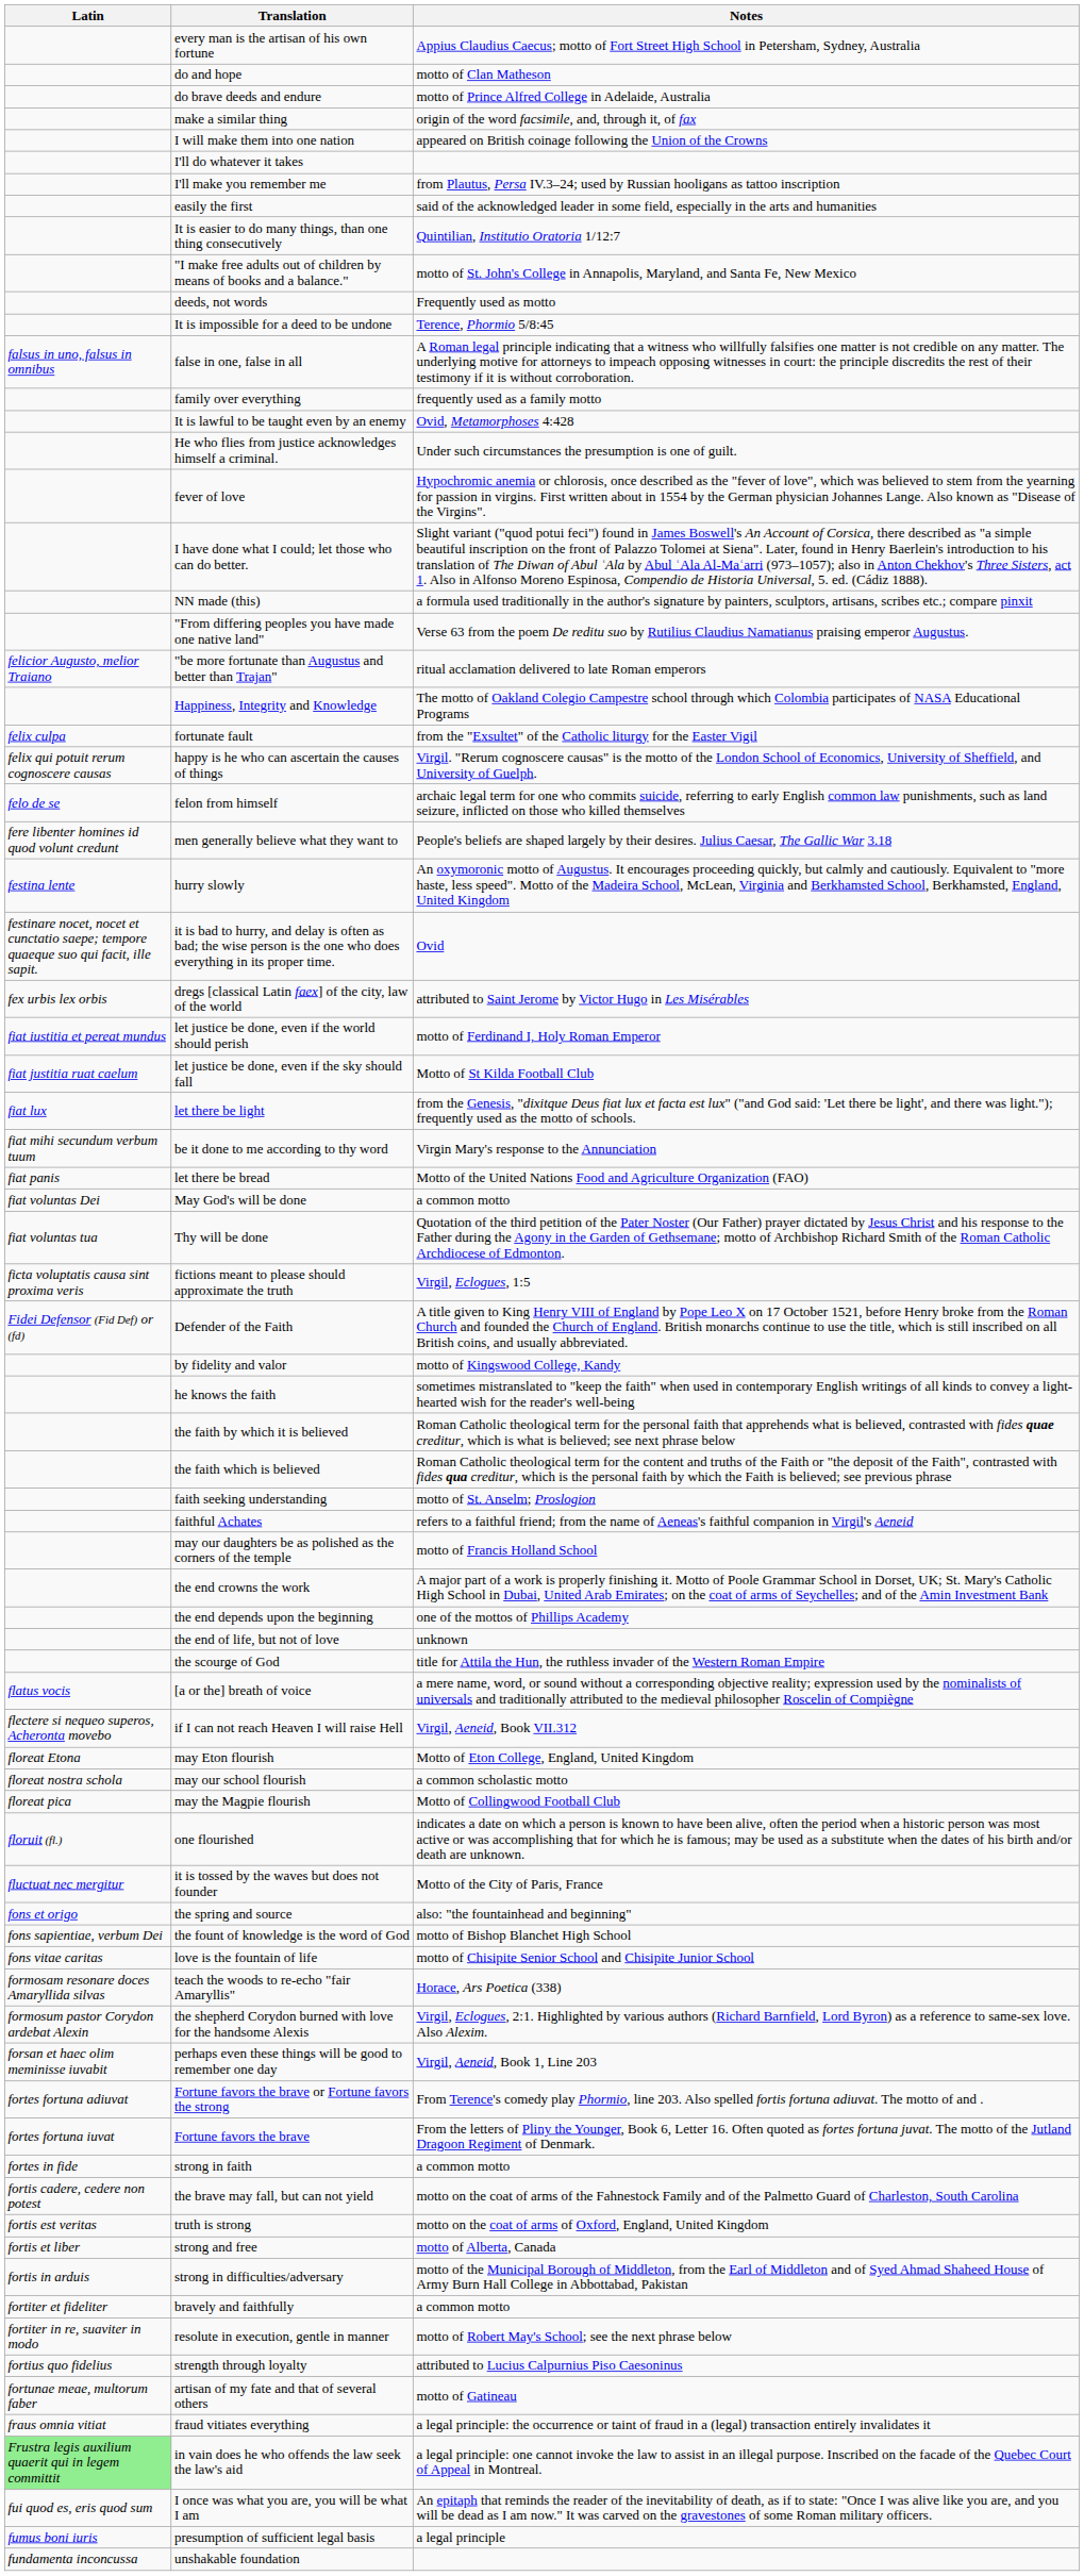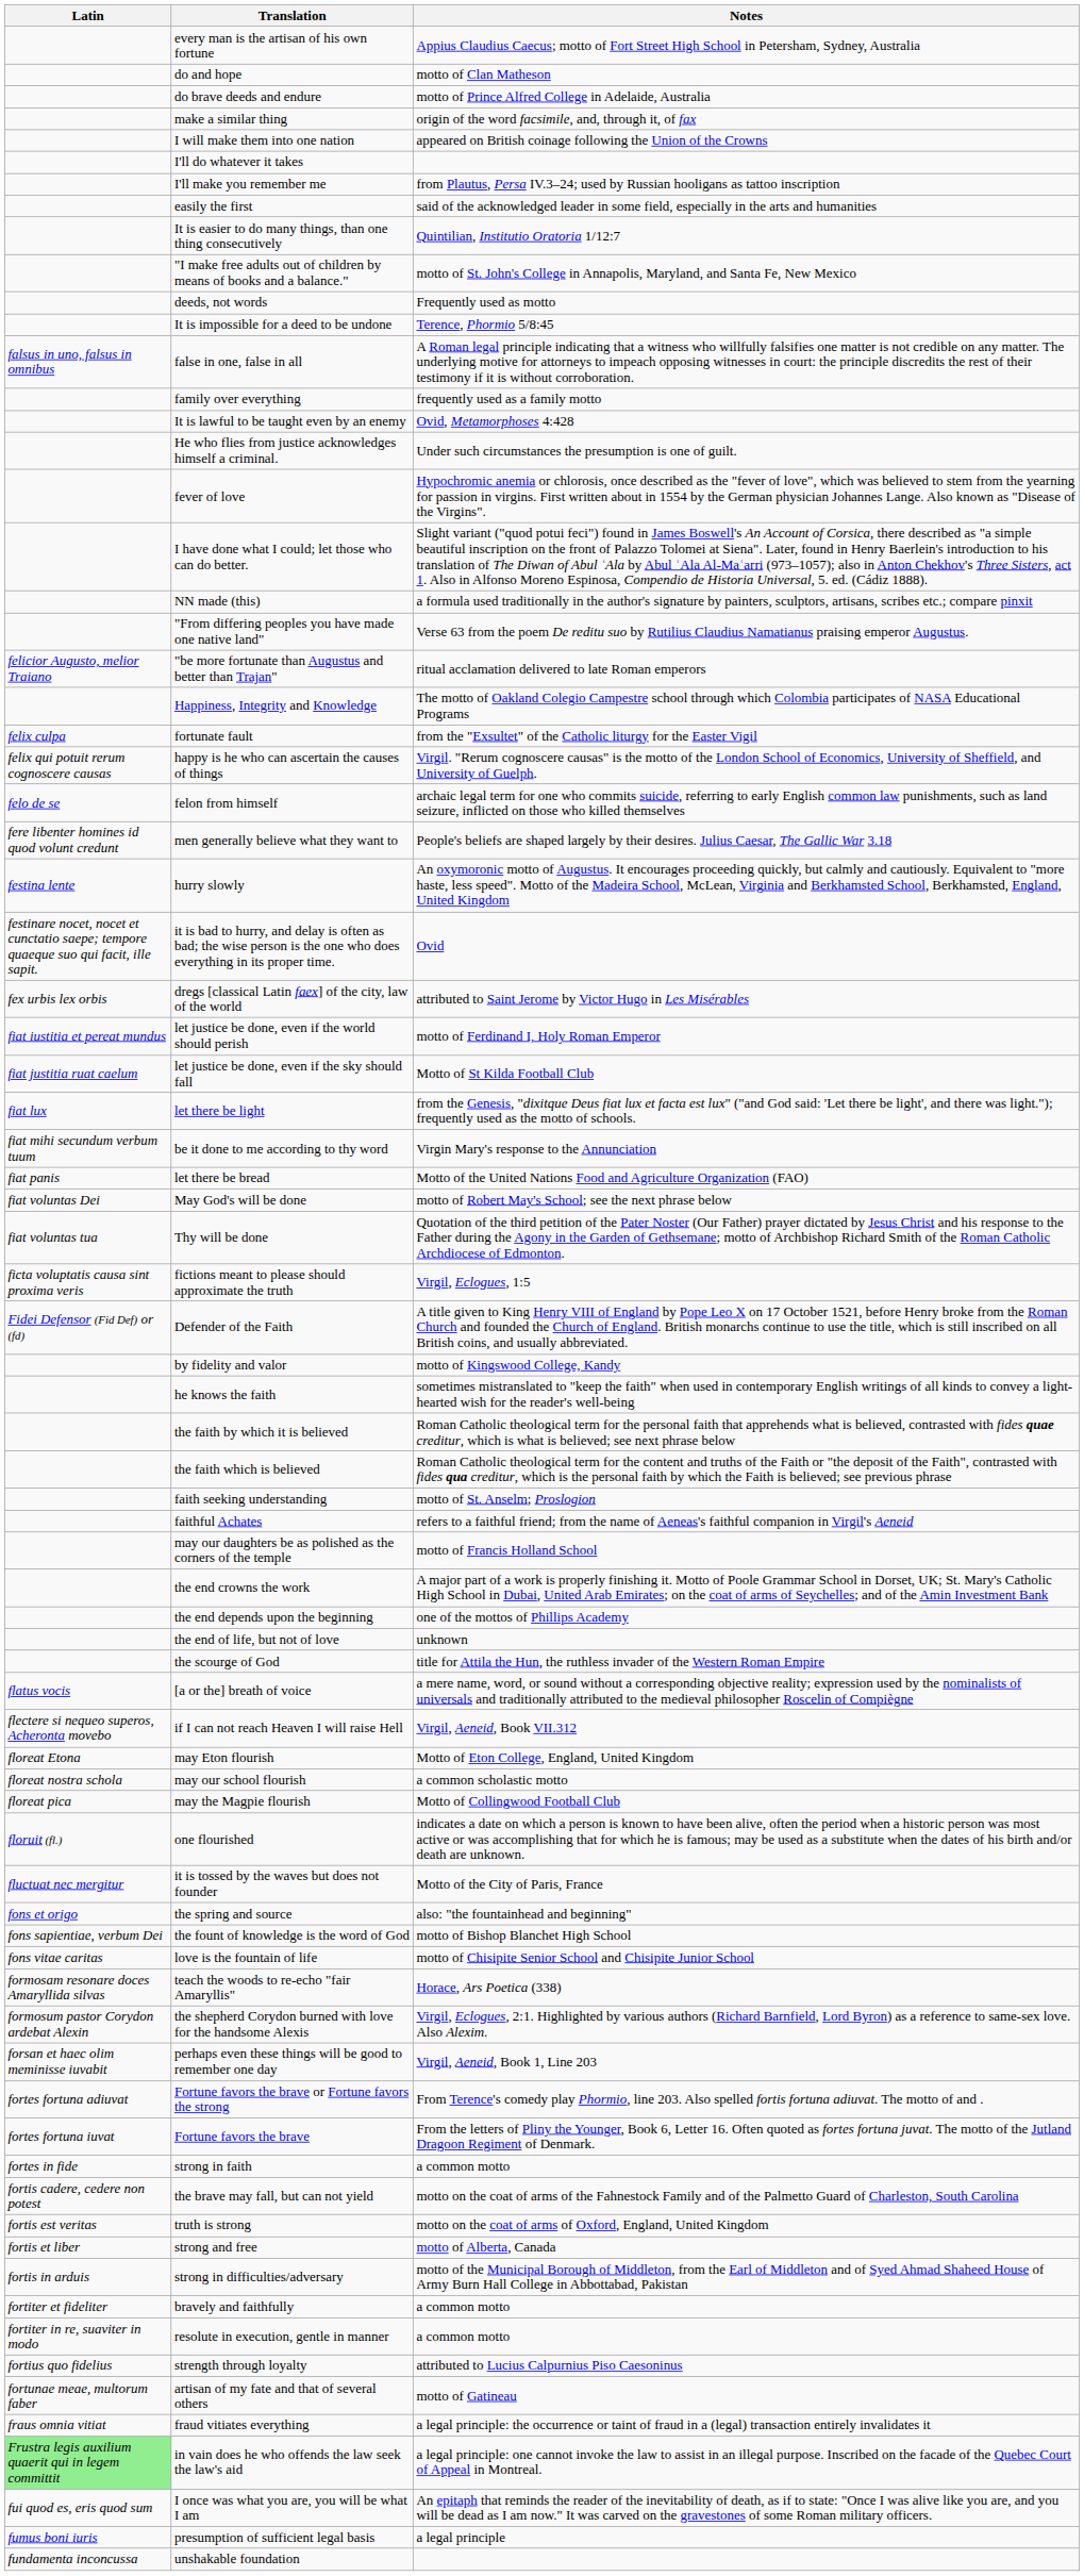 <table class="wikitable">
 <tr>
 <th>Latin</th>
 <th>Translation</th>
 <th>Notes</th>
 </tr>
 <tr>
 <td><em></em></td>
 <td>every man is the artisan of his own fortune</td>
 <td><a href='#'>Appius Claudius Caecus</a>; motto of <a href='#'>Fort Street High School</a> in Petersham, Sydney, Australia</td>
 </tr>
 <tr>
 <td><em></em></td>
 <td>do and hope</td>
 <td>motto of <a href='#'>Clan Matheson</a></td>
 </tr>
 <tr>
 <td><em></em></td>
 <td>do brave deeds and endure</td>
 <td>motto of <a href='#'>Prince Alfred College</a> in Adelaide, Australia</td>
 </tr>
 <tr>
 <td><em></em></td>
 <td>make a similar thing</td>
 <td>origin of the word <em>facsimile</em>, and, through it, of <em><a href='#'>fax</a></em></td>
 </tr>
 <tr>
 <td><em></em></td>
 <td>I will make them into one nation</td>
 <td>appeared on British coinage following the <a href='#'>Union of the Crowns</a></td>
 </tr>
 <tr>
 <td><em></em></td>
 <td>I'll do whatever it takes</td>
 <td></td>
 </tr>
 <tr>
 <td><em></em></td>
 <td>I'll make you remember me</td>
 <td>from <a href='#'>Plautus</a>, <em><a href='#'>Persa</a></em> IV.3–24; used by Russian hooligans as tattoo inscription</td>
 </tr>
 <tr>
 <td><em></em></td>
 <td>easily the first</td>
 <td>said of the acknowledged leader in some field, especially in the arts and humanities</td>
 </tr>
 <tr>
 <td><em></em></td>
 <td>It is easier to do many things, than one thing consecutively</td>
 <td><a href='#'>Quintilian</a>, <em><a href='#'>Institutio Oratoria</a></em> 1/12:7</td>
 </tr>
 <tr>
 <td><em></em></td>
 <td>"I make free adults out of children by means of books and a balance."</td>
 <td>motto of <a href='#'>St. John's College</a> in Annapolis, Maryland, and Santa Fe, New Mexico</td>
 </tr>
 <tr>
 <td><em></em></td>
 <td>deeds, not words</td>
 <td>Frequently used as motto</td>
 </tr>
 <tr>
 <td><em></em></td>
 <td>It is impossible for a deed to be undone</td>
 <td><a href='#'>Terence</a>, <a href='#'><em>Phormio</em></a> 5/8:45</td>
 </tr>
 <tr>
 <td><em><a href='#'>falsus in uno, falsus in omnibus</a></em></td>
 <td>false in one, false in all</td>
 <td>A <a href='#'>Roman legal</a> principle indicating that a witness who willfully falsifies one matter is not credible on any matter. The underlying motive for attorneys to impeach opposing witnesses in court: the principle discredits the rest of their testimony if it is without corroboration.</td>
 </tr>
 <tr>
 <td><em></em></td>
 <td>family over everything</td>
 <td>frequently used as a family motto</td>
 </tr>
 <tr>
 <td><em></em></td>
 <td>It is lawful to be taught even by an enemy</td>
 <td><a href='#'>Ovid</a>, <em><a href='#'>Metamorphoses</a></em> 4:428</td>
 </tr>
 <tr>
 <td><em></em></td>
 <td>He who flies from justice acknowledges himself a criminal.</td>
 <td>Under such circumstances the presumption is one of guilt.</td>
 </tr>
 <tr>
 <td><em></em></td>
 <td>fever of love</td>
 <td><a href='#'>Hypochromic anemia</a> or chlorosis, once described as the "fever of love", which was believed to stem from the yearning for passion in virgins. First written about in 1554 by the German physician Johannes Lange. Also known as "Disease of the Virgins".</td>
 </tr>
 <tr>
 <td><em></em></td>
 <td>I have done what I could; let those who can do better.</td>
 <td>Slight variant ("quod potui feci") found in <a href='#'>James Boswell</a>'s <em>An Account of Corsica</em>, there described as "a simple beautiful inscription on the front of Palazzo Tolomei at Siena". Later, found in Henry Baerlein's introduction to his translation of <em>The Diwan of Abul ʿAla</em> by <a href='#'>Abul ʿAla Al-Maʿarri</a> (973–1057); also in <a href='#'>Anton Chekhov</a>'s <em><a href='#'>Three Sisters</a></em>, <a href='#'>act 1</a>. Also in Alfonso Moreno Espinosa, <em>Compendio de Historia Universal</em>, 5. ed. (Cádiz 1888).</td>
 </tr>
 <tr>
 <td><em></em></td>
 <td>NN made (this)</td>
 <td>a formula used traditionally in the author's signature by painters, sculptors, artisans, scribes etc.; compare <a href='#'>pinxit</a></td>
 </tr>
 <tr>
 <td><em></em></td>
 <td>"From differing peoples you have made one native land"</td>
 <td>Verse 63 from the poem <em>De reditu suo</em> by <a href='#'>Rutilius Claudius Namatianus</a> praising emperor <a href='#'>Augustus</a>.</td>
 </tr>
 <tr>
 <td><em><a href='#'>felicior Augusto, melior Traiano</a></em></td>
 <td>"be more fortunate than <a href='#'>Augustus</a> and better than <a href='#'>Trajan</a>"</td>
 <td>ritual acclamation delivered to late Roman emperors</td>
 </tr>
 <tr>
 <td><em></em></td>
 <td><a href='#'>Happiness</a>, <a href='#'>Integrity</a> and <a href='#'>Knowledge</a></td>
 <td>The motto of <a href='#'>Oakland Colegio Campestre</a> school through which <a href='#'>Colombia</a> participates of <a href='#'>NASA</a> Educational Programs</td>
 </tr>
 <tr>
 <td><em><a href='#'>felix culpa</a></em></td>
 <td>fortunate fault</td>
 <td>from the "<a href='#'>Exsultet</a>" of the <a href='#'>Catholic liturgy</a> for the <a href='#'>Easter Vigil</a></td>
 </tr>
 <tr>
 <td><em>felix qui potuit rerum cognoscere causas</em></td>
 <td>happy is he who can ascertain the causes of things</td>
 <td><a href='#'>Virgil</a>. "Rerum cognoscere causas" is the motto of the <a href='#'>London School of Economics</a>, <a href='#'>University of Sheffield</a>, and <a href='#'>University of Guelph</a>.</td>
 </tr>
 <tr>
 <td><em><a href='#'>felo de se</a></em></td>
 <td>felon from himself</td>
 <td>archaic legal term for one who commits <a href='#'>suicide</a>, referring to early English <a href='#'>common law</a> punishments, such as land seizure, inflicted on those who killed themselves</td>
 </tr>
 <tr>
 <td><em>fere libenter homines id quod volunt credunt</em></td>
 <td>men generally believe what they want to</td>
 <td>People's beliefs are shaped largely by their desires. <a href='#'>Julius Caesar</a>, <a href='#'><em>The Gallic War</em></a> <a href='#'>3.18</a></td>
 </tr>
 <tr>
 <td><em><a href='#'>festina lente</a></em></td>
 <td>hurry slowly</td>
 <td>An <a href='#'>oxymoronic</a> motto of <a href='#'>Augustus</a>. It encourages proceeding quickly, but calmly and cautiously. Equivalent to "more haste, less speed". Motto of the <a href='#'>Madeira School</a>, McLean, <a href='#'>Virginia</a> and <a href='#'>Berkhamsted School</a>, Berkhamsted, <a href='#'>England</a>, <a href='#'>United Kingdom</a></td>
 </tr>
 <tr>
 <td><em>festinare nocet, nocet et cunctatio saepe; tempore quaeque suo qui facit, ille sapit.</em></td>
 <td>it is bad to hurry, and delay is often as bad; the wise person is the one who does everything in its proper time.</td>
 <td><a href='#'>Ovid</a></td>
 </tr>
 <tr>
 <td><em>fex urbis lex orbis</em></td>
 <td>dregs [classical Latin <em><a href='#'>faex</a></em>] of the city, law of the world</td>
 <td>attributed to <a href='#'>Saint Jerome</a> by <a href='#'>Victor Hugo</a> in <em><a href='#'>Les Misérables</a></em></td>
 </tr>
 <tr>
 <td><em><a href='#'>fiat iustitia et pereat mundus</a></em></td>
 <td>let justice be done, even if the world should perish</td>
 <td>motto of <a href='#'>Ferdinand I, Holy Roman Emperor</a></td>
 </tr>
 <tr>
 <td><em><a href='#'>fiat justitia ruat caelum</a></em></td>
 <td>let justice be done, even if the sky should fall</td>
 <td>Motto of <a href='#'>St Kilda Football Club</a></td>
 </tr>
 <tr>
 <td><em><a href='#'>fiat lux</a></em></td>
 <td><a href='#'>let there be light</a></td>
 <td>from the <a href='#'>Genesis</a>, "<em>dixitque Deus fiat lux et facta est lux</em>" ("and God said: 'Let there be light', and there was light."); frequently used as the motto of schools.</td>
 </tr>
 <tr>
 <td><em>fiat mihi secundum verbum tuum</em></td>
 <td>be it done to me according to thy word</td>
 <td>Virgin Mary's response to the <a href='#'>Annunciation</a></td>
 </tr>
 <tr>
 <td><em>fiat panis</em></td>
 <td>let there be bread</td>
 <td>Motto of the United Nations <a href='#'>Food and Agriculture Organization</a> (FAO)</td>
 </tr>
 <tr>
 <td><em>fiat voluntas Dei</em></td>
 <td>May God's will be done</td>
-<td>a common motto</td>
+<td>motto of <a href='#'>Robert May's School</a>; see the next phrase below</td>
 </tr>
 <tr>
 <td><em>fiat voluntas tua</em></td>
 <td>Thy will be done</td>
 <td>Quotation of the third petition of the <a href='#'>Pater Noster</a> (Our Father) prayer dictated by <a href='#'>Jesus Christ</a> and his response to the Father during the <a href='#'>Agony in the Garden of Gethsemane</a>; motto of Archbishop Richard Smith of the <a href='#'>Roman Catholic Archdiocese of Edmonton</a>.</td>
 </tr>
 <tr>
 <td><em>ficta voluptatis causa sint proxima veris</em></td>
 <td>fictions meant to please should approximate the truth</td>
 <td><a href='#'>Virgil</a>, <em><a href='#'>Eclogues</a></em>, 1:5</td>
 </tr>
 <tr>
 <td><em><a href='#'>Fidei Defensor</a> <small>(Fid Def)</small> or <small>(fd)</small></em></td>
 <td>Defender of the Faith</td>
 <td>A title given to King <a href='#'>Henry VIII of England</a> by <a href='#'>Pope Leo X</a> on 17 October 1521, before Henry broke from the <a href='#'>Roman Church</a> and founded the <a href='#'>Church of England</a>. British monarchs continue to use the title, which is still inscribed on all British coins, and usually abbreviated.</td>
 </tr>
 <tr>
 <td><em></em></td>
 <td>by fidelity and valor</td>
 <td>motto of <a href='#'>Kingswood College, Kandy</a></td>
 </tr>
 <tr>
 <td><em></em></td>
 <td>he knows the faith</td>
 <td>sometimes mistranslated to "keep the faith" when used in contemporary English writings of all kinds to convey a light-hearted wish for the reader's well-being</td>
 </tr>
 <tr>
 <td><em></em></td>
 <td>the faith by which it is believed</td>
 <td>Roman Catholic theological term for the personal faith that apprehends what is believed, contrasted with <em>fides <strong>quae</strong> creditur</em>, which is what is believed; see next phrase below</td>
 </tr>
 <tr>
 <td><em></em></td>
 <td>the faith which is believed</td>
 <td>Roman Catholic theological term for the content and truths of the Faith or "the deposit of the Faith", contrasted with <em>fides <strong>qua</strong> creditur</em>, which is the personal faith by which the Faith is believed; see previous phrase</td>
 </tr>
 <tr>
 <td><em></em></td>
 <td>faith seeking understanding</td>
 <td>motto of <a href='#'>St. Anselm</a>; <em><a href='#'>Proslogion</a></em></td>
 </tr>
 <tr>
 <td><em></em></td>
 <td>faithful <a href='#'>Achates</a></td>
 <td>refers to a faithful friend; from the name of <a href='#'>Aeneas</a>'s faithful companion in <a href='#'>Virgil</a>'s <em><a href='#'>Aeneid</a></em></td>
 </tr>
 <tr>
 <td><em></em></td>
 <td>may our daughters be as polished as the corners of the temple</td>
 <td>motto of <a href='#'>Francis Holland School</a></td>
 </tr>
 <tr>
 <td><em></em></td>
 <td>the end crowns the work</td>
 <td>A major part of a work is properly finishing it. Motto of Poole Grammar School in Dorset, UK; St. Mary's Catholic High School in <a href='#'>Dubai</a>, <a href='#'>United Arab Emirates</a>; on the <a href='#'>coat of arms of Seychelles</a>; and of the <a href='#'>Amin Investment Bank</a></td>
 </tr>
 <tr>
 <td><em></em></td>
 <td>the end depends upon the beginning</td>
 <td>one of the mottos of <a href='#'>Phillips Academy</a></td>
 </tr>
 <tr>
 <td><em></em></td>
 <td>the end of life, but not of love</td>
 <td>unknown</td>
 </tr>
 <tr>
 <td><em></em></td>
 <td>the scourge of God</td>
 <td>title for <a href='#'>Attila the Hun</a>, the ruthless invader of the <a href='#'>Western Roman Empire</a></td>
 </tr>
 <tr>
 <td><em><a href='#'>flatus vocis</a></em></td>
 <td>[a or the] breath of voice</td>
 <td>a mere name, word, or sound without a corresponding objective reality; expression used by the <a href='#'>nominalists of universals</a> and traditionally attributed to the medieval philosopher <a href='#'>Roscelin of Compiègne</a></td>
 </tr>
 <tr>
 <td><em>flectere si nequeo superos, <a href='#'>Acheronta</a> movebo</em></td>
 <td>if I can not reach Heaven I will raise Hell</td>
 <td><a href='#'>Virgil</a>, <em><a href='#'>Aeneid</a></em>, Book <a href='#'>VII.312</a></td>
 </tr>
 <tr>
 <td><em>floreat Etona</em></td>
 <td>may Eton flourish</td>
 <td>Motto of <a href='#'>Eton College</a>, England, United Kingdom</td>
 </tr>
 <tr>
 <td><em>floreat nostra schola</em></td>
 <td>may our school flourish</td>
 <td>a common scholastic motto</td>
 </tr>
 <tr>
 <td><em>floreat pica</em></td>
 <td>may the Magpie flourish</td>
 <td>Motto of <a href='#'>Collingwood Football Club</a></td>
 </tr>
 <tr>
 <td><em><a href='#'>floruit</a><small> (fl.)</small></em></td>
 <td>one flourished</td>
 <td>indicates a date on which a person is known to have been alive, often the period when a historic person was most active or was accomplishing that for which he is famous; may be used as a substitute when the dates of his birth and/or death are unknown.</td>
 </tr>
 <tr>
 <td><em><a href='#'>fluctuat nec mergitur</a></em></td>
 <td>it is tossed by the waves but does not founder</td>
 <td>Motto of the City of Paris, France</td>
 </tr>
 <tr>
 <td><em><a href='#'>fons et origo</a></em></td>
 <td>the spring and source</td>
 <td>also: "the fountainhead and beginning"</td>
 </tr>
 <tr>
 <td><em>fons sapientiae, verbum Dei</em></td>
 <td>the fount of knowledge is the word of God</td>
 <td>motto of Bishop Blanchet High School</td>
 </tr>
 <tr>
 <td><em>fons vitae caritas</em></td>
 <td>love is the fountain of life</td>
 <td>motto of <a href='#'>Chisipite Senior School</a> and <a href='#'>Chisipite Junior School</a></td>
 </tr>
 <tr>
 <td><em>formosam resonare doces Amaryllida silvas</em></td>
 <td>teach the woods to re-echo "fair Amaryllis"</td>
 <td><a href='#'>Horace</a>, <em>Ars Poetica</em> (338)</td>
 </tr>
 <tr>
 <td><em>formosum pastor Corydon ardebat Alexin</em></td>
 <td>the shepherd Corydon burned with love for the handsome Alexis</td>
 <td><a href='#'>Virgil</a>, <em><a href='#'>Eclogues</a></em>, 2:1. Highlighted by various authors (<a href='#'>Richard Barnfield</a>, <a href='#'>Lord Byron</a>) as a reference to same-sex love. Also <em>Alexim.</em></td>
 </tr>
 <tr>
 <td><em>forsan et haec olim meminisse iuvabit</em></td>
 <td>perhaps even these things will be good to remember one day</td>
 <td><a href='#'>Virgil</a>, <em><a href='#'>Aeneid</a></em>, Book 1, Line 203</td>
 </tr>
 <tr>
 <td><em>fortes fortuna adiuvat</em></td>
 <td><a href='#'>Fortune favors the brave</a> or <a href='#'>Fortune favors the strong</a></td>
 <td>From <a href='#'>Terence</a>'s comedy play <em><a href='#'>Phormio</a></em>, line 203. Also spelled <em>fortis fortuna adiuvat</em>. The motto of  and .</td>
 </tr>
 <tr>
 <td><em>fortes fortuna iuvat</em></td>
 <td><a href='#'>Fortune favors the brave</a></td>
 <td>From the letters of <a href='#'>Pliny the Younger</a>, Book 6, Letter 16. Often quoted as <em>fortes fortuna juvat</em>. The motto of the <a href='#'>Jutland Dragoon Regiment</a> of Denmark.</td>
 </tr>
 <tr>
 <td><em>fortes in fide</em></td>
 <td>strong in faith</td>
 <td>a common motto</td>
 </tr>
 <tr>
 <td><em>fortis cadere, cedere non potest</em></td>
 <td>the brave may fall, but can not yield</td>
 <td>motto on the coat of arms of the Fahnestock Family and of the Palmetto Guard of <a href='#'>Charleston, South Carolina</a></td>
 </tr>
 <tr>
 <td><em>fortis est veritas</em></td>
 <td>truth is strong</td>
 <td>motto on the <a href='#'>coat of arms</a> of <a href='#'>Oxford</a>, England, United Kingdom</td>
 </tr>
 <tr>
 <td><em>fortis et liber</em></td>
 <td>strong and free</td>
 <td><a href='#'>motto</a> of <a href='#'>Alberta</a>, Canada</td>
 </tr>
 <tr>
 <td><em>fortis in arduis</em></td>
 <td>strong in difficulties/adversary</td>
 <td>motto of the <a href='#'>Municipal Borough of Middleton</a>, from the <a href='#'>Earl of Middleton</a> and of <a href='#'>Syed Ahmad Shaheed House</a> of Army Burn Hall College in Abbottabad, Pakistan</td>
 </tr>
 <tr>
 <td><em>fortiter et fideliter</em></td>
 <td>bravely and faithfully</td>
 <td>a common motto</td>
 </tr>
 <tr>
 <td><em>fortiter in re, suaviter in modo</em></td>
 <td>resolute in execution, gentle in manner</td>
-<td>motto of <a href='#'>Robert May's School</a>; see the next phrase below</td>
+<td>a common motto</td>
 </tr>
 <tr>
 <td><em>fortius quo fidelius</em></td>
 <td>strength through loyalty</td>
 <td>attributed to <a href='#'>Lucius Calpurnius Piso Caesoninus</a></td>
 </tr>
 <tr>
 <td><em>fortunae meae, multorum faber</em></td>
 <td>artisan of my fate and that of several others</td>
 <td>motto of <a href='#'>Gatineau</a></td>
 </tr>
 <tr>
 <td><em>fraus omnia vitiat</em></td>
 <td>fraud vitiates everything</td>
 <td>a legal principle: the occurrence or taint of fraud in a (legal) transaction entirely invalidates it</td>
 </tr>
 <tr>
 <td style="background: lightgreen;"><em>Frustra legis auxilium quaerit qui in legem committit</em></td>
 <td>in vain does he who offends the law seek the law's aid</td>
 <td>a legal principle: one cannot invoke the law to assist in an illegal purpose. Inscribed on the facade of the <a href='#'>Quebec Court of Appeal</a> in Montreal.</td>
 </tr>
 <tr>
 <td><em>fui quod es, eris quod sum</em></td>
 <td>I once was what you are, you will be what I am</td>
 <td>An <a href='#'>epitaph</a> that reminds the reader of the inevitability of death, as if to state: "Once I was alive like you are, and you will be dead as I am now." It was carved on the <a href='#'>gravestones</a> of some Roman military officers.</td>
 </tr>
 <tr>
 <td><em><a href='#'>fumus boni iuris</a></em></td>
 <td>presumption of sufficient legal basis</td>
 <td>a legal principle</td>
 </tr>
 <tr>
 <td><em>fundamenta inconcussa</em></td>
 <td>unshakable foundation</td>
 <td></td>
 </tr>
 </table>
